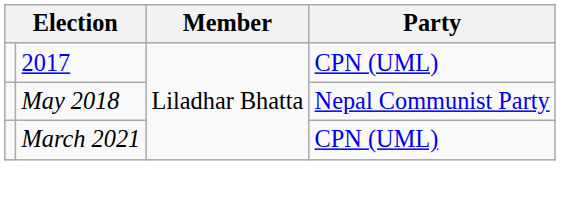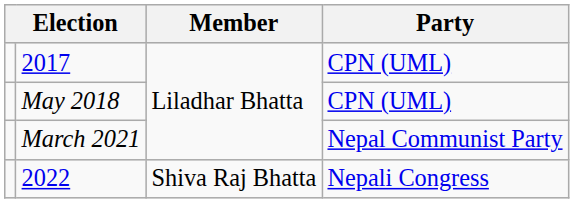 <table class="wikitable">
 <tr>
 <th colspan="2">Election</th>
 <th>Member</th>
 <th>Party</th>
 </tr>
 <tr>
 <td style="color:inherit;background:"></td>
 <td><a href='#'>2017</a></td>
 <td rowspan="3">Liladhar Bhatta</td>
 <td><a href='#'>CPN (UML)</a></td>
 </tr>
 <tr>
 <td style="color:inherit;background:"></td>
 <td><em>May 2018</em></td>
+<td><a href='#'>CPN (UML)</a></td>
+</tr>
+<tr>
+<td style="color:inherit;background:"></td>
+<td><em>March 2021</em></td>
 <td><a href='#'>Nepal Communist Party</a></td>
 </tr>
 <tr>
 <td style="color:inherit;background:"></td>
-<td><em>March 2021</em></td>
-<td><a href='#'>CPN (UML)</a></td>
+<td><a href='#'>2022</a></td>
+<td>Shiva Raj Bhatta</td>
+<td><a href='#'>Nepali Congress</a></td>
 </tr>
 </table>
